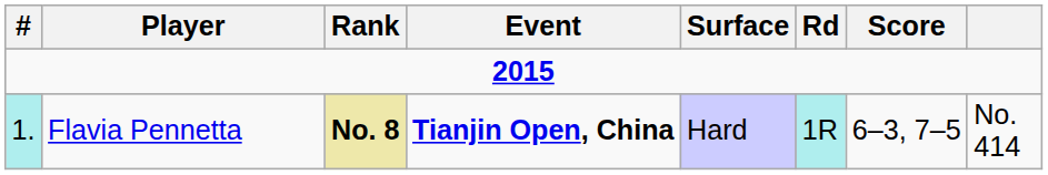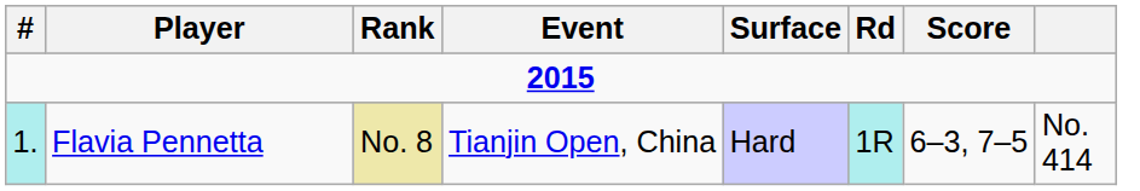 <table class="wikitable sortable">
 <tr>
 <th>#</th>
 <th width=155>Player</th>
 <th width=30>Rank</th>
 <th>Event</th>
 <th>Surface</th>
 <th>Rd</th>
 <th>Score</th>
 <th width=35></th>
 </tr>
 <tr>
 <td colspan=8 style=text-align:center><strong><a href='#'>2015</a></strong></td>
 </tr>
 <tr>
 <td style="background: paleturquoise;">1.</td>
 <td> <a href='#'>Flavia Pennetta</a></td>
-<td bgcolor=eee8aa><strong>No. 8</strong></td>
-<td><strong><a href='#'>Tianjin Open</a>, China</strong></td>
+<td bgcolor=eee8aa>No. 8</td>
+<td><a href='#'>Tianjin Open</a>, China</td>
 <td bgcolor=ccccff>Hard</td>
 <td bgcolor=afeeee>1R</td>
 <td>6–3, 7–5</td>
 <td>No. 414</td>
 </tr>
 </table>
